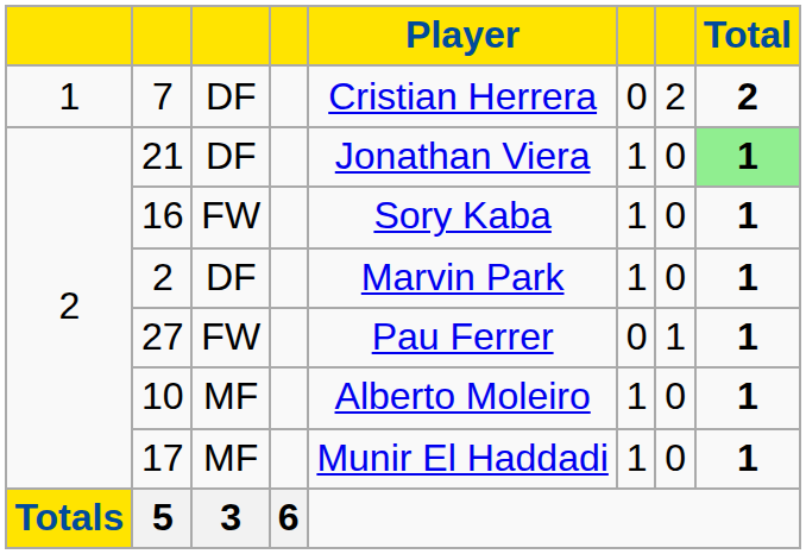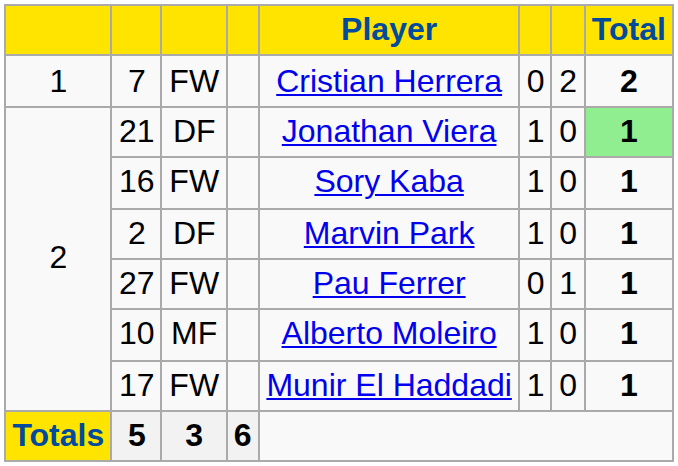 <table class="wikitable" style="text-align:center;">
 <tr>
 <th style="background:#ffe400; color:#004b9d; "></th>
 <th style="background:#ffe400; color:#004b9d; "></th>
 <th style="background:#ffe400; color:#004b9d; "></th>
 <th style="background:#ffe400; color:#004b9d; "></th>
 <th style="background:#ffe400; color:#004b9d; ">Player</th>
 <th style="background:#ffe400; color:#004b9d; "></th>
 <th style="background:#ffe400; color:#004b9d; "></th>
 <th style="background:#ffe400; color:#004b9d; ">Total</th>
 </tr>
 <tr>
 <td>1</td>
 <td>7</td>
-<td>DF</td>
+<td>FW</td>
 <td></td>
 <td><a href='#'>Cristian Herrera</a></td>
 <td>0</td>
 <td>2</td>
 <td><strong>2</strong></td>
 </tr>
 <tr>
 <td rowspan=6>2</td>
 <td>21</td>
 <td>DF</td>
 <td></td>
 <td><a href='#'>Jonathan Viera</a></td>
 <td>1</td>
 <td>0</td>
 <td style="background: lightgreen;"><strong>1</strong></td>
 </tr>
 <tr>
 <td>16</td>
 <td>FW</td>
 <td></td>
 <td><a href='#'>Sory Kaba</a></td>
 <td>1</td>
 <td>0</td>
 <td><strong>1</strong></td>
 </tr>
 <tr>
 <td>2</td>
 <td>DF</td>
 <td></td>
 <td><a href='#'>Marvin Park</a></td>
 <td>1</td>
 <td>0</td>
 <td><strong>1</strong></td>
 </tr>
 <tr>
 <td>27</td>
 <td>FW</td>
 <td></td>
 <td><a href='#'>Pau Ferrer</a></td>
 <td>0</td>
 <td>1</td>
 <td><strong>1</strong></td>
 </tr>
 <tr>
 <td>10</td>
 <td>MF</td>
 <td></td>
 <td><a href='#'>Alberto Moleiro</a></td>
 <td>1</td>
 <td>0</td>
 <td><strong>1</strong></td>
 </tr>
 <tr>
 <td>17</td>
-<td>MF</td>
+<td>FW</td>
 <td></td>
 <td><a href='#'>Munir El Haddadi</a></td>
 <td>1</td>
 <td>0</td>
 <td><strong>1</strong></td>
 </tr>
 <tr>
 <th style="background:#ffe400; color:#004b9d; "><strong>Totals</strong></th>
 <th><strong>5</strong></th>
 <th><strong>3</strong></th>
 <th><strong>6</strong></th>
 </tr>
 </table>
